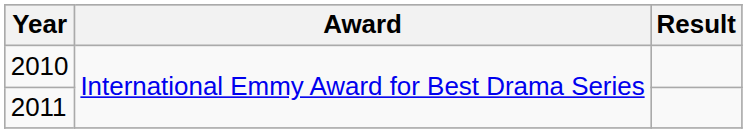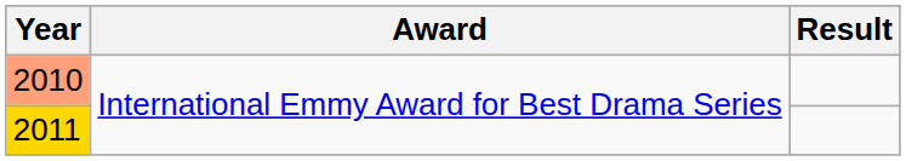 <table class="wikitable">
 <tr style="background:#ccc; text-align:center;">
 <th>Year</th>
 <th>Award</th>
 <th>Result</th>
 </tr>
 <tr>
-<td>2010</td>
+<td style="background: lightsalmon;">2010</td>
 <td rowspan="2"><a href='#'>International Emmy Award for Best Drama Series</a></td>
 <td></td>
 </tr>
 <tr>
-<td>2011</td>
+<td style="background: gold;">2011</td>
 <td></td>
 </tr>
 </table>
